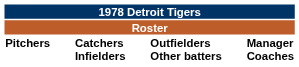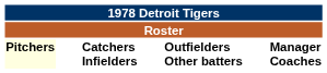 <table class="toccolours" style="font-size: 95%;">
 <tr>
 <th colspan="10" style="background-color: #003366; color: white; text-align: center;">1978 Detroit Tigers</th>
 </tr>
 <tr>
 <td colspan="10" style="background-color: #bd5d29; color: white; text-align: center;"><strong>Roster</strong></td>
 </tr>
 <tr>
-<td valign="top"><strong>Pitchers</strong><br>                </td>
+<td valign="top" style="background: lightyellow;"><strong>Pitchers</strong><br>                </td>
 <td width="25px"></td>
 <td valign="top"><strong>Catchers</strong><br>  <strong>Infielders</strong>       </td>
 <td width="25px"></td>
 <td valign="top"><strong>Outfielders</strong><br>       <strong>Other batters</strong> </td>
 <td width="25px"></td>
 <td valign="top"><strong>Manager</strong><br> <strong>Coaches</strong>     </td>
 </tr>
 <tr>
 </tr>
 </table>
